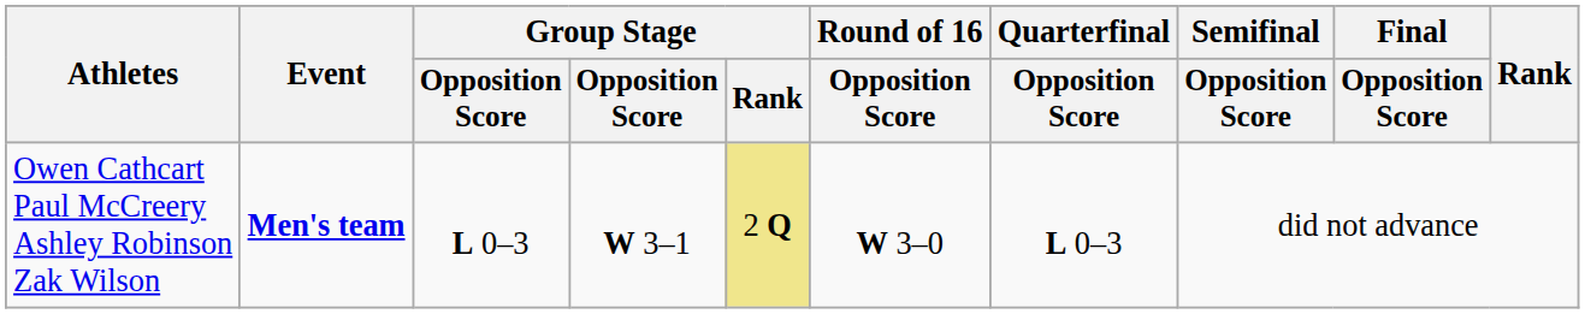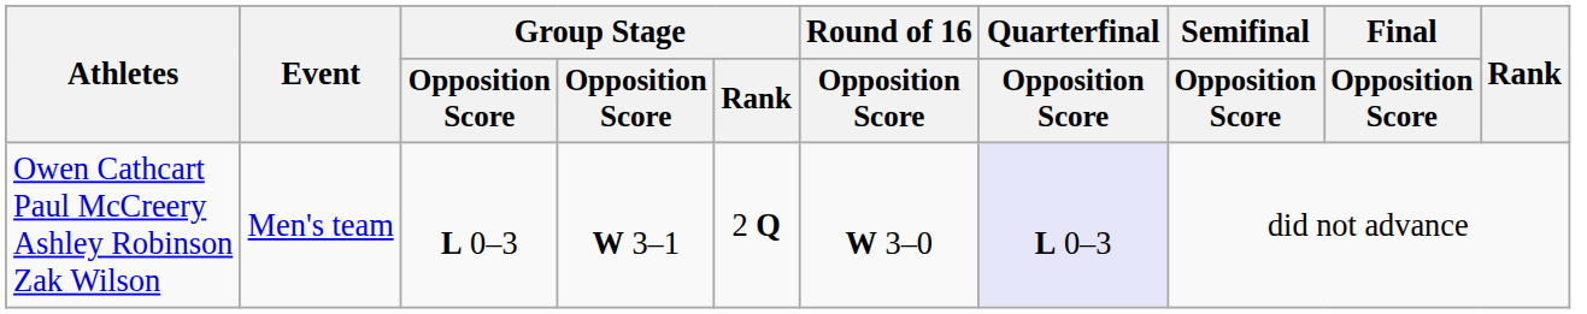 <table class="wikitable" style="font-size:90%">
 <tr>
 <th rowspan=2>Athletes</th>
 <th rowspan=2>Event</th>
 <th colspan=3>Group Stage</th>
 <th>Round of 16</th>
 <th>Quarterfinal</th>
 <th>Semifinal</th>
 <th>Final</th>
 <th rowspan=2>Rank</th>
 </tr>
 <tr style="font-size:95%">
 <th>Opposition<br>Score</th>
 <th>Opposition<br>Score</th>
 <th>Rank</th>
 <th>Opposition<br>Score</th>
 <th>Opposition<br>Score</th>
 <th>Opposition<br>Score</th>
 <th>Opposition<br>Score</th>
 </tr>
 <tr align=center>
 <td align=left><a href='#'>Owen Cathcart</a><br><a href='#'>Paul McCreery</a><br><a href='#'>Ashley Robinson</a><br><a href='#'>Zak Wilson</a></td>
-<td align=left><strong><a href='#'>Men's team</a></strong></td>
+<td align=left><a href='#'>Men's team</a></td>
 <td><br><strong>L</strong> 0–3</td>
 <td><br><strong>W</strong> 3–1</td>
-<td style="background: khaki;">2 <strong>Q</strong></td>
+<td>2 <strong>Q</strong></td>
 <td><br><strong>W</strong> 3–0</td>
-<td><br><strong>L</strong> 0–3</td>
+<td style="background: lavender;"><br><strong>L</strong> 0–3</td>
 <td colspan=3>did not advance</td>
 </tr>
 </table>
